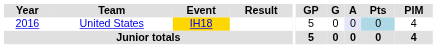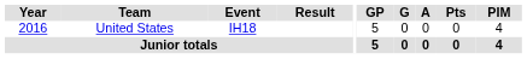 <table border="0" cellpadding="1" cellspacing="0" ID="Table3" style="text-align:center; width:40em">
 <tr bgcolor="#e0e0e0">
 <th>Year</th>
 <th>Team</th>
 <th>Event</th>
 <th>Result</th>
 <th rowspan="99" bgcolor="#ffffff"></th>
 <th>GP</th>
 <th>G</th>
 <th>A</th>
 <th>Pts</th>
 <th>PIM</th>
 </tr>
 <tr>
 <td><a href='#'>2016</a></td>
 <td><a href='#'>United States</a></td>
-<td style="background: gold;"><a href='#'>IH18</a></td>
+<td><a href='#'>IH18</a></td>
 <td></td>
 <td>5</td>
 <td>0</td>
-<td style="background: lavender;">0</td>
-<td style="background: lightblue;">0</td>
+<td>0</td>
+<td>0</td>
 <td>4</td>
 </tr>
 <tr bgcolor="#e0e0e0">
 <th colspan="4">Junior totals</th>
 <th>5</th>
 <th>0</th>
 <th>0</th>
 <th>0</th>
 <th>4</th>
 </tr>
 </table>
